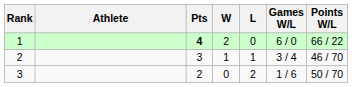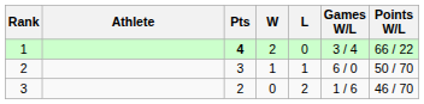 <table class="wikitable" style="text-align: center; font-size:90% ">
 <tr>
 <th width="20">Rank</th>
 <th width="200">Athlete</th>
 <th width="30">Pts</th>
 <th width="30">W</th>
 <th width="30">L</th>
 <th width="40">Games<br>W/L</th>
 <th width="50">Points<br>W/L</th>
 </tr>
 <tr bgcolor=#ccffcc>
 <td>1</td>
 <td align=left></td>
 <td><strong>4</strong></td>
 <td>2</td>
 <td>0</td>
-<td>6 / 0</td>
+<td>3 / 4</td>
 <td>66 / 22</td>
 </tr>
 <tr>
 <td>2</td>
 <td align=left></td>
 <td>3</td>
 <td>1</td>
 <td>1</td>
-<td>3 / 4</td>
-<td>46 / 70</td>
+<td>6 / 0</td>
+<td>50 / 70</td>
 </tr>
 <tr>
 <td>3</td>
 <td align=left></td>
 <td>2</td>
 <td>0</td>
 <td>2</td>
 <td>1 / 6</td>
-<td>50 / 70</td>
+<td>46 / 70</td>
 </tr>
 </table>
